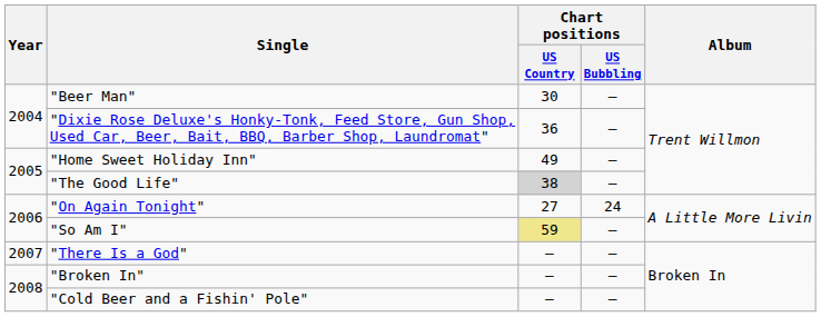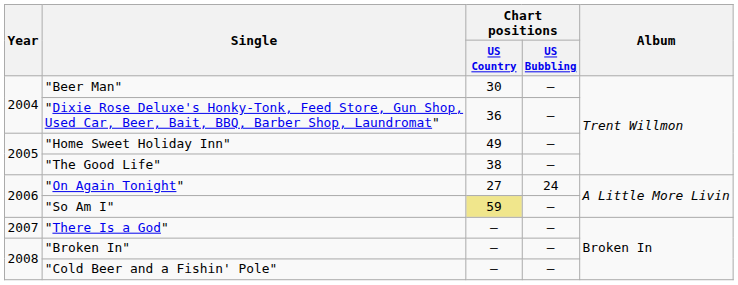 <table class="wikitable">
 <tr>
 <th scope="col" rowspan="2">Year</th>
 <th scope="col" rowspan="2">Single</th>
 <th scope="col" colspan="2">Chart positions</th>
 <th scope="col" rowspan="2">Album</th>
 </tr>
 <tr>
 <th width="50"><small><a href='#'>US Country</a></small><br></th>
 <th width="50"><small><a href='#'>US Bubbling</a></small><br></th>
 </tr>
 <tr>
 <td rowspan="2">2004</td>
 <td>"Beer Man"</td>
 <td align="center">30</td>
 <td align="center">—</td>
 <td rowspan="4"><em>Trent Willmon</em></td>
 </tr>
 <tr>
 <td>"<a href='#'>Dixie Rose Deluxe's Honky-Tonk, Feed Store, Gun Shop,<br>Used Car, Beer, Bait, BBQ, Barber Shop, Laundromat</a>"</td>
 <td align="center">36</td>
 <td align="center">—</td>
 </tr>
 <tr>
 <td rowspan="2">2005</td>
 <td>"Home Sweet Holiday Inn"</td>
 <td align="center">49</td>
 <td align="center">—</td>
 </tr>
 <tr>
 <td>"The Good Life"</td>
-<td align="center" style="background: lightgrey;">38</td>
+<td align="center">38</td>
 <td align="center">—</td>
 </tr>
 <tr>
 <td rowspan="2">2006</td>
 <td>"<a href='#'>On Again Tonight</a>"</td>
 <td align="center">27</td>
 <td align="center">24</td>
 <td rowspan="2"><em>A Little More Livin<strong></td>
 </tr>
 <tr>
 <td>"So Am I"</td>
 <td align="center" style="background: khaki;">59</td>
 <td align="center">—</td>
 </tr>
 <tr>
 <td>2007</td>
 <td>"<a href='#'>There Is a God</a>"</td>
 <td align="center">—</td>
 <td align="center">—</td>
 <td rowspan="3"></em>Broken In<em></td>
 </tr>
 <tr>
 <td rowspan="2">2008</td>
 <td>"Broken In"</td>
 <td align="center">—</td>
 <td align="center">—</td>
 </tr>
 <tr>
 <td>"Cold Beer and a Fishin' Pole"</td>
 <td align="center">—</td>
 <td align="center">—</td>
 </tr>
 </table>
